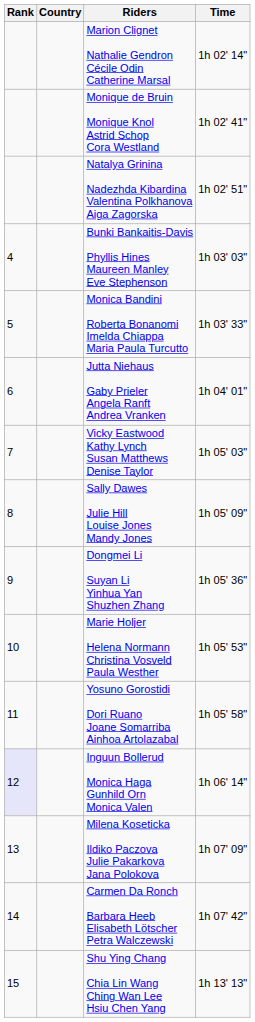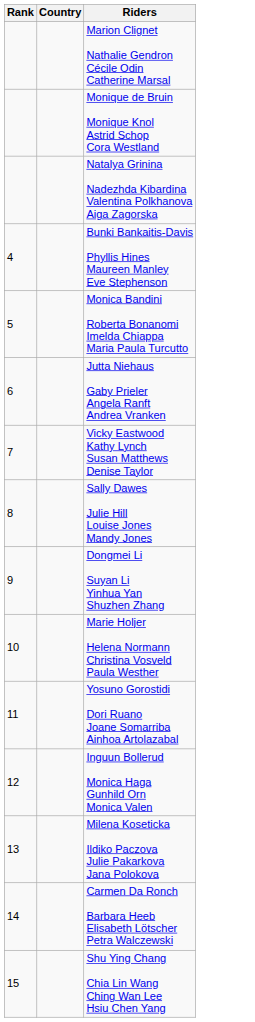 <table class="wikitable" text-align:center;">
 <tr>
 <th>Rank</th>
 <th>Country</th>
 <th>Riders</th>
-<th>Time</th>
 </tr>
 <tr>
 <td></td>
 <td align="left"><strong></strong></td>
 <td><a href='#'>Marion Clignet</a><br><br><a href='#'>Nathalie Gendron</a><br> <a href='#'>Cécile Odin</a><br> <a href='#'>Catherine Marsal</a></td>
-<td>1h 02' 14"</td>
 </tr>
 <tr>
 <td></td>
 <td align="left"><strong></strong></td>
 <td><a href='#'>Monique de Bruin</a><br><br><a href='#'>Monique Knol</a><br> <a href='#'>Astrid Schop</a><br> <a href='#'>Cora Westland</a></td>
-<td>1h 02' 41"</td>
 </tr>
 <tr>
 <td></td>
 <td align="left"><strong></strong></td>
 <td><a href='#'>Natalya Grinina</a><br><br><a href='#'>Nadezhda Kibardina</a><br> <a href='#'>Valentina Polkhanova</a><br> <a href='#'>Aiga Zagorska</a></td>
-<td>1h 02' 51"</td>
 </tr>
 <tr>
 <td>4</td>
 <td align="left"><strong></strong></td>
 <td><a href='#'>Bunki Bankaitis-Davis</a><br><br><a href='#'>Phyllis Hines</a><br> <a href='#'>Maureen Manley</a><br> <a href='#'>Eve Stephenson</a></td>
-<td>1h 03' 03"</td>
 </tr>
 <tr>
 <td>5</td>
 <td align="left"><strong></strong></td>
 <td><a href='#'>Monica Bandini</a><br><br><a href='#'>Roberta Bonanomi</a><br> <a href='#'>Imelda Chiappa</a><br> <a href='#'>Maria Paula Turcutto</a></td>
-<td>1h 03' 33"</td>
 </tr>
 <tr>
 <td>6</td>
 <td align="left"><strong></strong></td>
 <td><a href='#'>Jutta Niehaus</a><br><br><a href='#'>Gaby Prieler</a><br> <a href='#'>Angela Ranft</a><br> <a href='#'>Andrea Vranken</a></td>
-<td>1h 04' 01"</td>
 </tr>
 <tr>
 <td>7</td>
 <td align="left"><strong></strong></td>
 <td><a href='#'>Vicky Eastwood</a><br><a href='#'>Kathy Lynch</a><br><a href='#'>Susan Matthews</a><br><a href='#'>Denise Taylor</a></td>
-<td>1h 05' 03"</td>
 </tr>
 <tr>
 <td>8</td>
 <td align="left"><strong></strong></td>
 <td><a href='#'>Sally Dawes</a><br><br><a href='#'>Julie Hill</a><br> <a href='#'>Louise Jones</a><br> <a href='#'>Mandy Jones</a></td>
-<td>1h 05' 09"</td>
 </tr>
 <tr>
 <td>9</td>
 <td align="left"><strong></strong></td>
 <td><a href='#'>Dongmei Li</a><br><br><a href='#'>Suyan Li</a><br> <a href='#'>Yinhua Yan</a><br> <a href='#'>Shuzhen Zhang</a></td>
-<td>1h 05' 36"</td>
 </tr>
 <tr>
 <td>10</td>
 <td align="left"><strong></strong></td>
 <td><a href='#'>Marie Holjer</a><br><br><a href='#'>Helena Normann</a><br> <a href='#'>Christina Vosveld</a><br> <a href='#'>Paula Westher</a></td>
-<td>1h 05' 53"</td>
 </tr>
 <tr>
 <td>11</td>
 <td align="left"><strong></strong></td>
 <td><a href='#'>Yosuno Gorostidi</a><br><br><a href='#'>Dori Ruano</a><br> <a href='#'>Joane Somarriba</a><br> <a href='#'>Ainhoa Artolazabal</a></td>
-<td>1h 05' 58"</td>
 </tr>
 <tr>
-<td style="background: lavender;">12</td>
+<td>12</td>
 <td align="left"><strong></strong></td>
 <td><a href='#'>Inguun Bollerud</a><br><br><a href='#'>Monica Haga</a><br> <a href='#'>Gunhild Orn</a><br> <a href='#'>Monica Valen</a></td>
-<td>1h 06' 14"</td>
 </tr>
 <tr>
 <td>13</td>
 <td align="left"><strong></strong></td>
 <td><a href='#'>Milena Koseticka</a><br><br><a href='#'>Ildiko Paczova</a><br> <a href='#'>Julie Pakarkova</a><br> <a href='#'>Jana Polokova</a></td>
-<td>1h 07' 09"</td>
 </tr>
 <tr>
 <td>14</td>
 <td align="left"><strong></strong></td>
 <td><a href='#'>Carmen Da Ronch</a><br><br><a href='#'>Barbara Heeb</a><br> <a href='#'>Elisabeth Lötscher</a><br> <a href='#'>Petra Walczewski</a></td>
-<td>1h 07' 42"</td>
 </tr>
 <tr>
 <td>15</td>
 <td align="left"><strong></strong></td>
 <td><a href='#'>Shu Ying Chang</a><br><br><a href='#'>Chia Lin Wang</a><br> <a href='#'>Ching Wan Lee</a><br> <a href='#'>Hsiu Chen Yang</a></td>
-<td>1h 13' 13"</td>
 </tr>
 </table>
